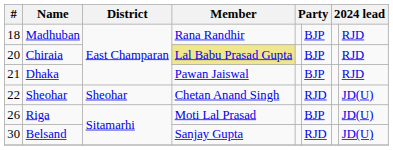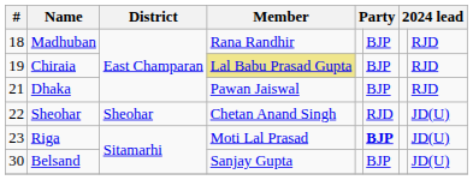 <table class="wikitable">
 <tr>
 <th>#</th>
 <th>Name</th>
 <th>District</th>
 <th>Member</th>
 <th colspan="2">Party</th>
 <th colspan="2">2024 lead</th>
 </tr>
 <tr>
 <td>18</td>
 <td><a href='#'>Madhuban</a></td>
 <td rowspan="3"><a href='#'>East Champaran</a></td>
 <td><a href='#'>Rana Randhir</a></td>
 <td style="background-color: "></td>
 <td><a href='#'>BJP</a></td>
 <td style="background-color: "></td>
 <td><a href='#'>RJD</a></td>
 </tr>
 <tr>
-<td>20</td>
+<td>19</td>
 <td><a href='#'>Chiraia</a></td>
 <td style="background: khaki;"><a href='#'>Lal Babu Prasad Gupta</a></td>
 <td style="background-color: "></td>
 <td><a href='#'>BJP</a></td>
 <td style="background-color: "></td>
 <td><a href='#'>RJD</a></td>
 </tr>
 <tr>
 <td>21</td>
 <td><a href='#'>Dhaka</a></td>
 <td><a href='#'>Pawan Jaiswal</a></td>
 <td style="background-color: "></td>
 <td><a href='#'>BJP</a></td>
 <td style="background-color: "></td>
 <td><a href='#'>RJD</a></td>
 </tr>
 <tr>
 <td>22</td>
 <td><a href='#'>Sheohar</a></td>
 <td><a href='#'>Sheohar</a></td>
 <td><a href='#'>Chetan Anand Singh</a></td>
 <td style="background-color: "></td>
 <td><a href='#'>RJD</a></td>
 <td style="background-color: "></td>
 <td><a href='#'>JD(U)</a></td>
 </tr>
 <tr>
-<td>26</td>
+<td>23</td>
 <td><a href='#'>Riga</a></td>
 <td rowspan="2"><a href='#'>Sitamarhi</a></td>
 <td><a href='#'>Moti Lal Prasad</a></td>
 <td style="background-color: "></td>
-<td><a href='#'>BJP</a></td>
+<td><strong><a href='#'>BJP</a></strong></td>
 <td style="background-color: "></td>
 <td><a href='#'>JD(U)</a></td>
 </tr>
 <tr>
 <td>30</td>
 <td><a href='#'>Belsand</a></td>
 <td><a href='#'>Sanjay Gupta</a></td>
 <td style="background-color: "></td>
-<td><a href='#'>RJD</a></td>
+<td><a href='#'>BJP</a></td>
 <td style="background-color: "></td>
 <td><a href='#'>JD(U)</a></td>
 </tr>
 <tr>
 </tr>
 </table>
